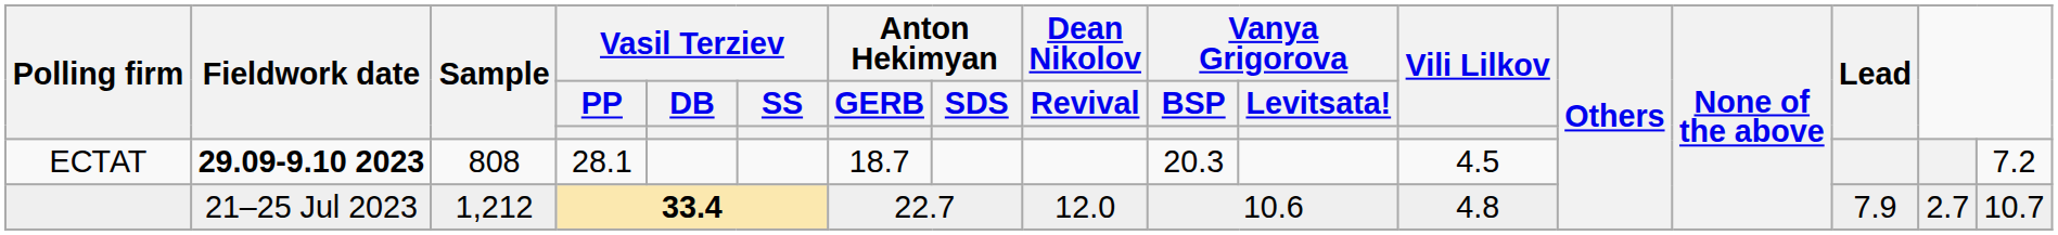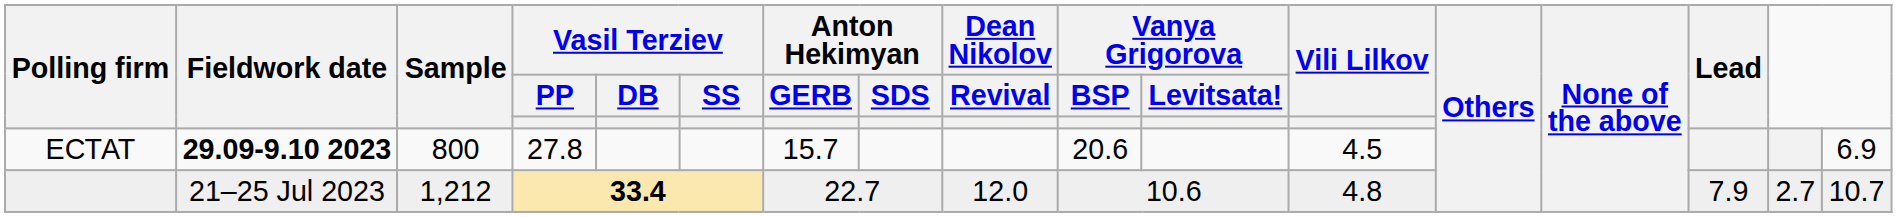 <table class="wikitable sortable" style="text-align:center;font-size:90%;line-height:14px;">
 <tr>
 <th rowspan="3">Polling firm</th>
 <th rowspan="3">Fieldwork date</th>
 <th rowspan="3">Sample</th>
 <th colspan="3"><a href='#'>Vasil Terziev</a></th>
 <th colspan="2">Anton Hekimyan</th>
 <th rowspan="1"><a href='#'>Dean Nikolov</a></th>
 <th colspan="2"><a href='#'>Vanya Grigorova</a></th>
 <th rowspan="2"><a href='#'>Vili Lilkov</a></th>
 <th rowspan="5"><a href='#'>Others</a></th>
 <th rowspan="5"><a href='#'>None of<br>the above</a></th>
 <th rowspan="3">Lead</th>
 </tr>
 <tr>
 <th class="unsortable" style="width:35px;"><a href='#'>PP</a></th>
 <th class="unsortable" style="width:35px;"><a href='#'>DB</a></th>
 <th class="unsortable" style="width:35px;"><a href='#'>SS</a></th>
 <th class="unsortable" style="width:35px;"><a href='#'>GERB</a></th>
 <th class="unsortable" style="width:35px;"><a href='#'>SDS</a></th>
 <th class="unsortable" style="width:35px;"><a href='#'>Revival</a></th>
 <th class="unsortable" style="width:35px;"><a href='#'>BSP</a></th>
 <th class="unsortable" style="width:35px;"><a href='#'>Levitsata!</a></th>
 </tr>
 <tr>
 <th style="background:"></th>
 <th style="background:"></th>
 <th style="background:"></th>
 <th style="background:"></th>
 <th style="background:"></th>
 <th style="background:"></th>
 <th style="background:"></th>
 <th style="background:"></th>
 <th style="background:"></th>
 </tr>
 <tr>
 <td>ЕСТАТ</td>
 <td><strong>29.09-9.10 2023</strong></td>
-<td>808</td>
-<td>28.1</td>
+<td>800</td>
+<td>27.8</td>
 <td></td>
 <td></td>
-<td>18.7</td>
+<td>15.7</td>
 <td></td>
 <td></td>
-<td>20.3</td>
+<td>20.6</td>
 <td></td>
 <td>4.5</td>
 <th></th>
 <th></th>
-<td>7.2</td>
+<td>6.9</td>
 </tr>
 <tr style="background:#EFEFEF;">
 <td></td>
 <td data-sort-value="2023-07-21">21–25 Jul 2023</td>
 <td>1,212</td>
 <td colspan="3" style="background:#FBE8AF"><strong>33.4</strong></td>
 <td colspan="2">22.7</td>
 <td>12.0</td>
 <td colspan="2">10.6</td>
 <td>4.8</td>
 <td>7.9</td>
 <td>2.7</td>
 <td class="unsortable" style="background:">10.7</td>
 </tr>
 </table>
